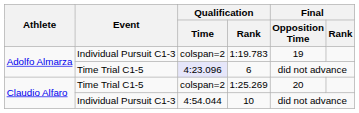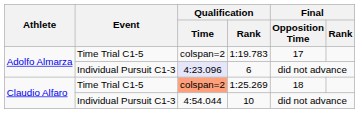 <table class=wikitable style="font-size:90%">
 <tr>
 <th rowspan="2">Athlete</th>
 <th rowspan="2">Event</th>
 <th colspan="2">Qualification</th>
 <th colspan="2">Final</th>
 </tr>
 <tr>
 <th>Time</th>
 <th>Rank</th>
 <th>Opposition<br>Time</th>
 <th>Rank</th>
 </tr>
 <tr align=center>
 <td align=left rowspan=2><a href='#'>Adolfo Almarza</a></td>
-<td align=left>Individual Pursuit C1-3</td>
+<td align=left>Time Trial C1-5</td>
 <td>colspan=2 </td>
 <td>1:19.783</td>
-<td>19</td>
+<td>17</td>
 </tr>
 <tr align=center>
-<td align=left>Time Trial C1-5</td>
+<td align=left>Individual Pursuit C1-3</td>
 <td style="background: lavender;">4:23.096</td>
 <td>6</td>
 <td colspan="2">did not advance</td>
 </tr>
 <tr align=center>
 <td align=left rowspan=2><a href='#'>Claudio Alfaro</a></td>
 <td align=left>Time Trial C1-5</td>
-<td>colspan=2 </td>
+<td style="background: lightsalmon;">colspan=2 </td>
 <td>1:25.269</td>
-<td>20</td>
+<td>18</td>
 </tr>
 <tr align=center>
 <td align=left>Individual Pursuit C1-3</td>
 <td>4:54.044</td>
 <td>10</td>
 <td colspan="2">did not advance</td>
 </tr>
 </table>
